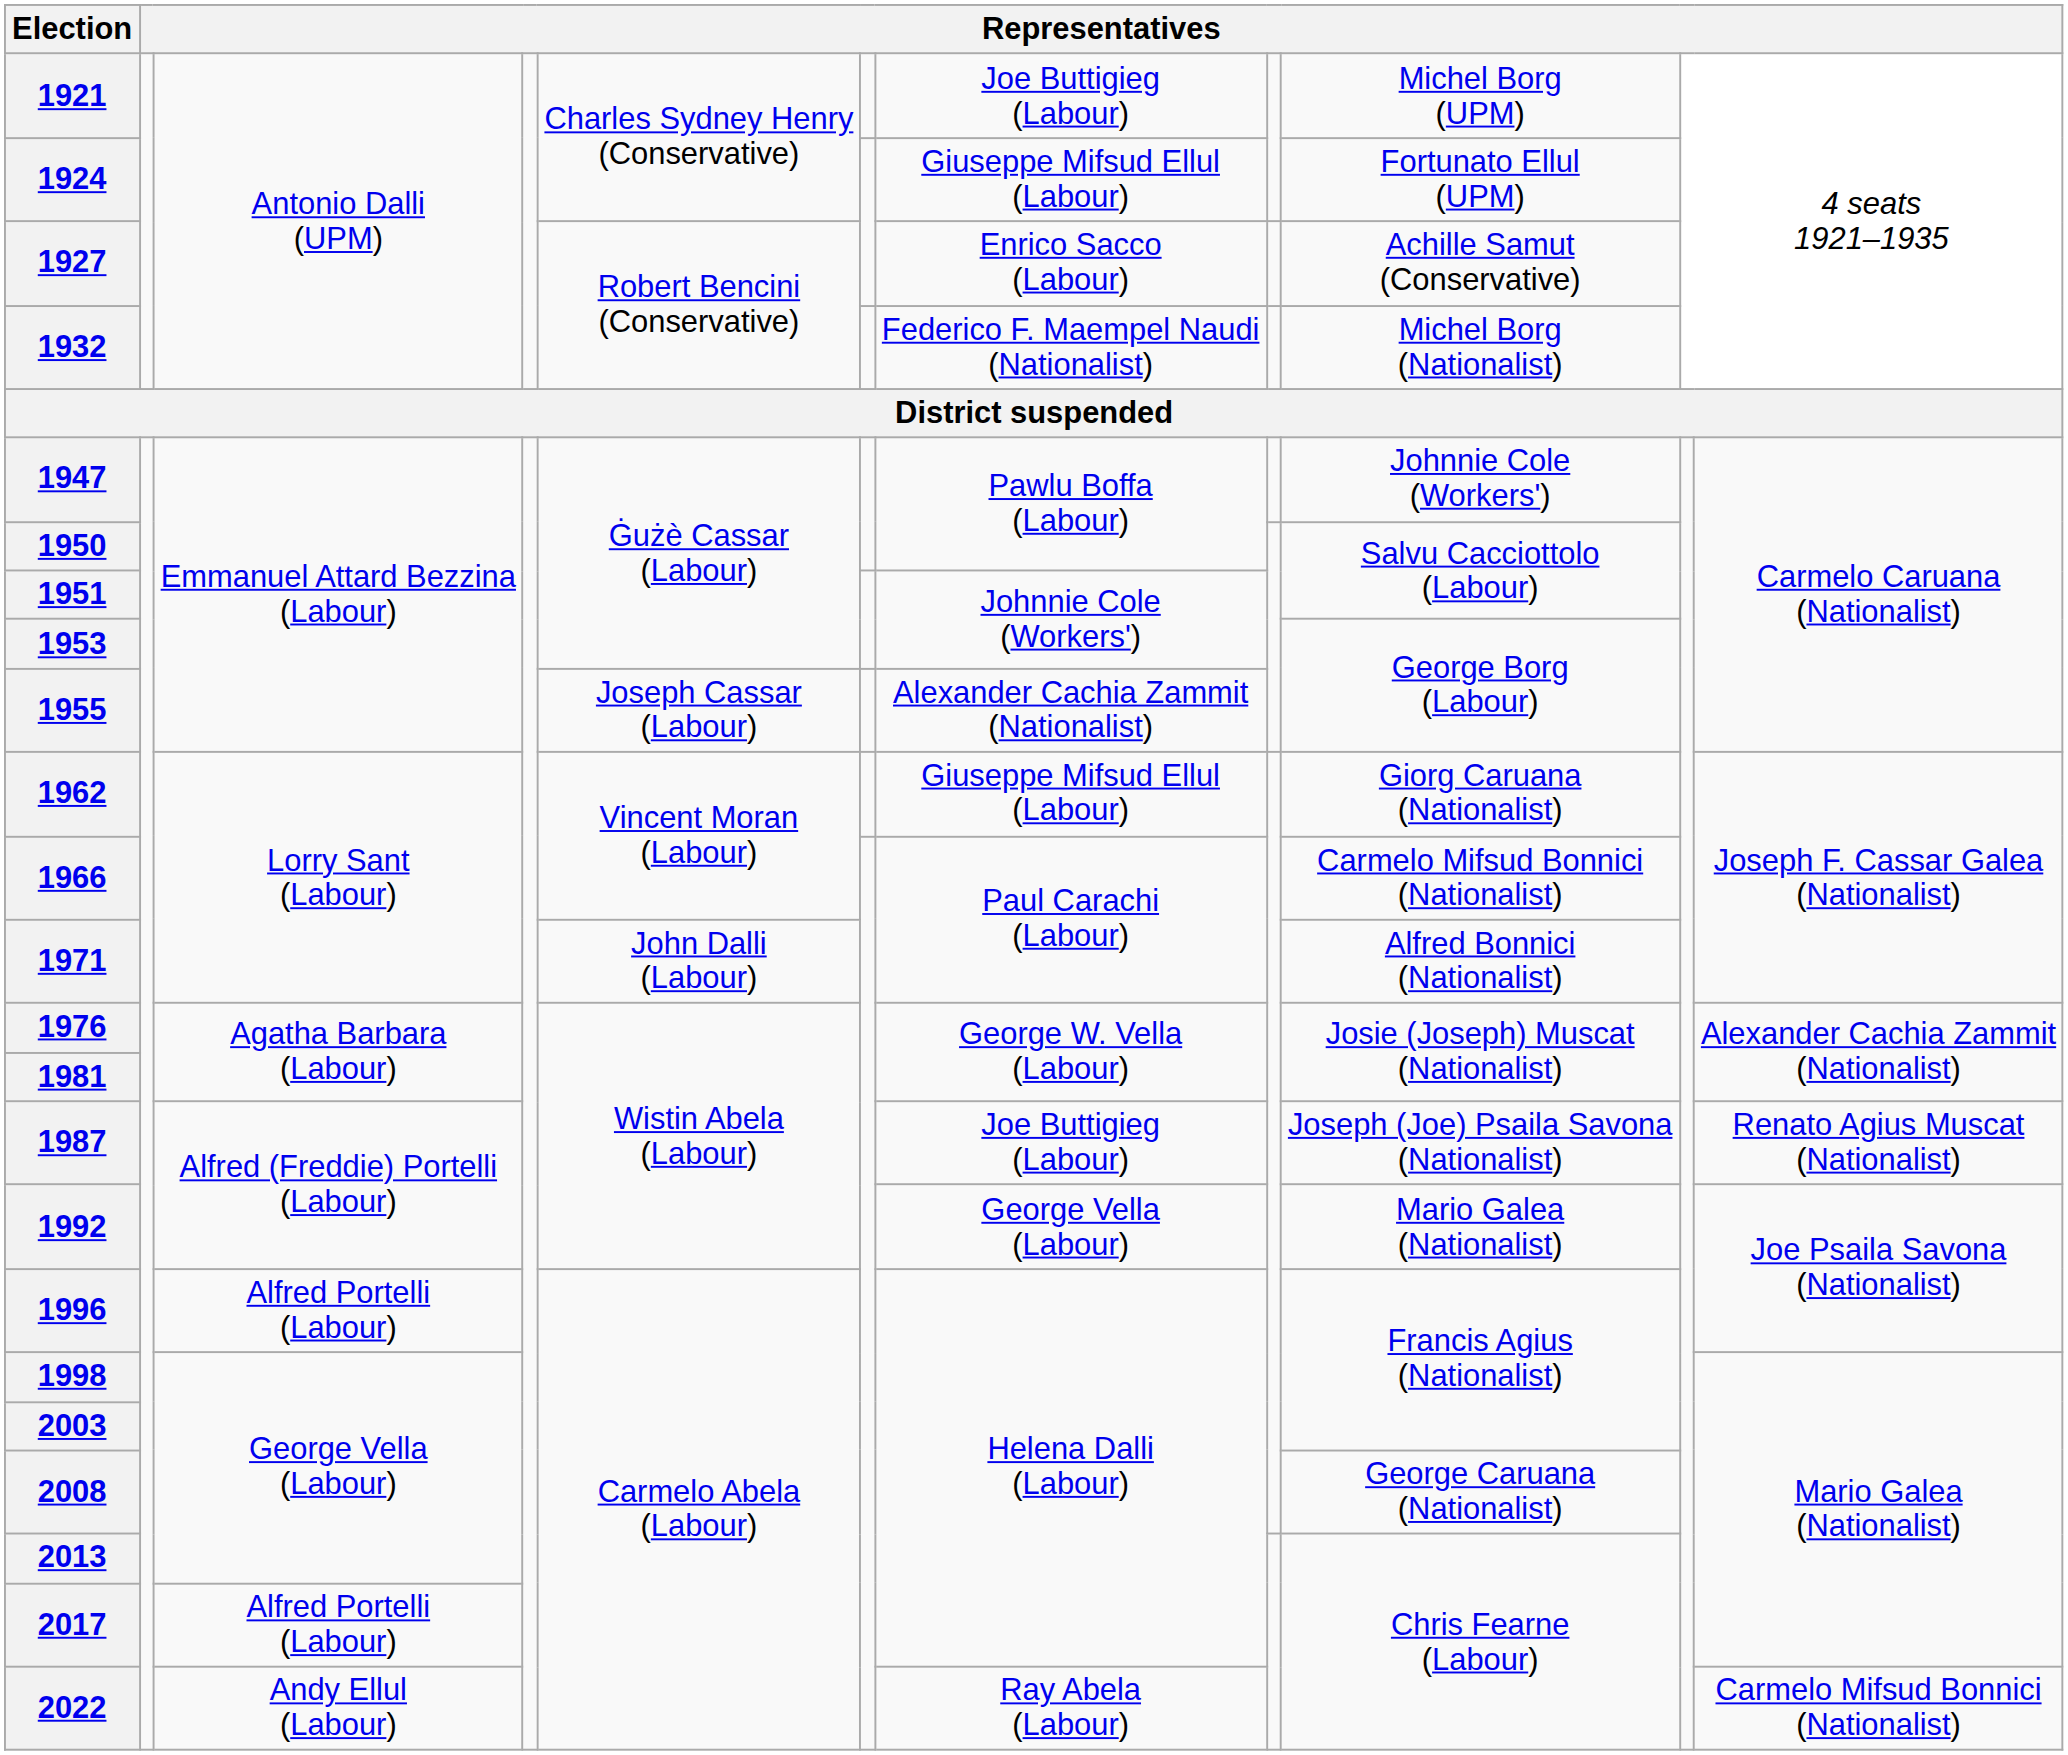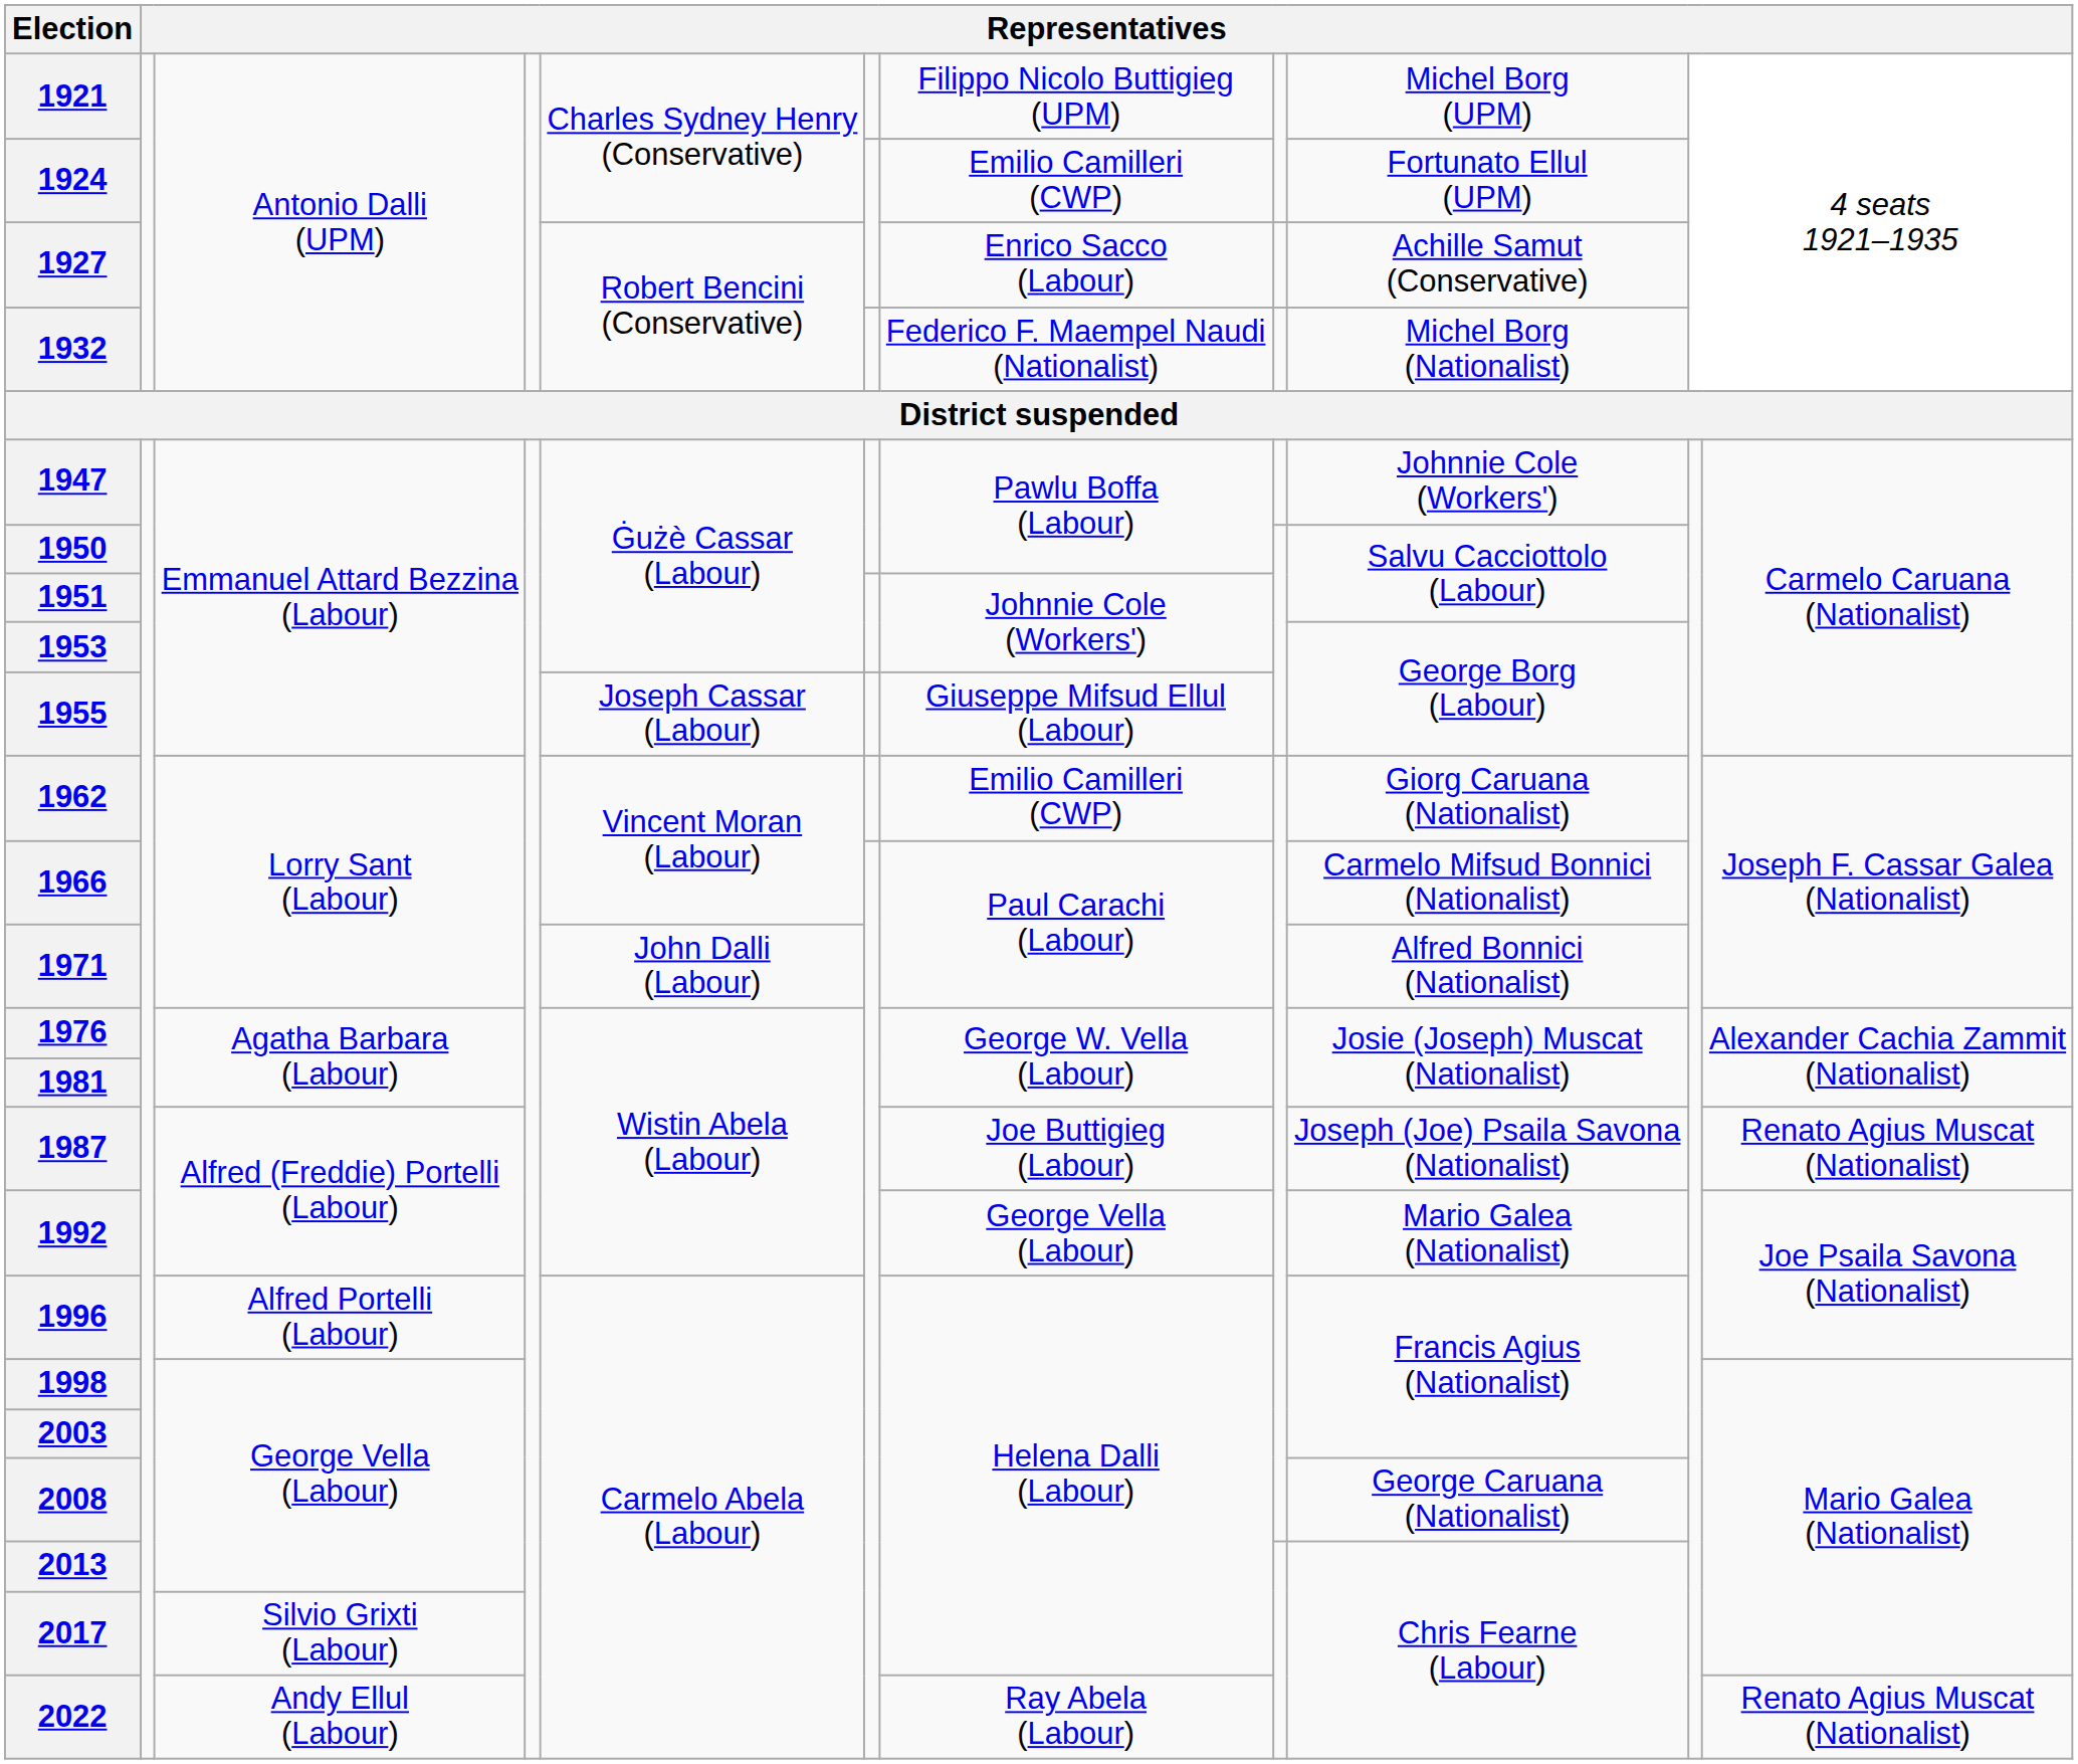 <table class="wikitable" style="text-align:center">
 <tr>
 <th>Election</th>
 <th colspan=10>Representatives</th>
 </tr>
 <tr>
 <th><a href='#'>1921</a></th>
 <td rowspan=4; style="background-color: "></td>
 <td rowspan=4><a href='#'>Antonio Dalli</a><br>(<a href='#'>UPM</a>)</td>
 <td rowspan=4; style="background-color: "></td>
 <td rowspan=2><a href='#'>Charles Sydney Henry</a><br>(Conservative)</td>
 <td rowspan=1; style="background-color: "></td>
-<td rowspan=1><a href='#'>Joe Buttigieg</a><br>(<a href='#'>Labour</a>)</td>
+<td rowspan=1><a href='#'>Filippo Nicolo Buttigieg</a><br>(<a href='#'>UPM</a>)</td>
 <td rowspan=2; style="background-color: "></td>
 <td rowspan=1><a href='#'>Michel Borg</a><br>(<a href='#'>UPM</a>)</td>
 <td style="background-color:#FFFFFF" rowspan=4 colspan=2><em>4 seats<br>1921–1935</em></td>
 </tr>
 <tr>
 <th><a href='#'>1924</a></th>
 <td rowspan=2; style="background-color: "></td>
-<td rowspan=1><a href='#'>Giuseppe Mifsud Ellul</a><br>(<a href='#'>Labour</a>)</td>
+<td rowspan=1><a href='#'>Emilio Camilleri</a><br>(<a href='#'>CWP</a>)</td>
 <td rowspan=1><a href='#'>Fortunato Ellul</a><br>(<a href='#'>UPM</a>)</td>
 </tr>
 <tr>
 <th><a href='#'>1927</a></th>
 <td rowspan=2><a href='#'>Robert Bencini</a><br>(Conservative)</td>
 <td rowspan=1><a href='#'>Enrico Sacco</a><br>(<a href='#'>Labour</a>)</td>
 <td rowspan=1; style="background-color: "></td>
 <td rowspan=1><a href='#'>Achille Samut</a><br>(Conservative)</td>
 </tr>
 <tr>
 <th><a href='#'>1932</a></th>
 <td rowspan=1; style="background-color: "></td>
 <td rowspan=1><a href='#'>Federico F. Maempel Naudi</a><br>(<a href='#'>Nationalist</a>)</td>
 <td rowspan=1; style="background-color: "></td>
 <td><a href='#'>Michel Borg</a><br>(<a href='#'>Nationalist</a>)</td>
 </tr>
 <tr>
 <th colspan=21>District suspended</th>
 </tr>
 <tr>
 <th><a href='#'>1947</a></th>
 <td rowspan=19; style="background-color: "></td>
 <td rowspan=5><a href='#'>Emmanuel Attard Bezzina</a><br>(<a href='#'>Labour</a>)</td>
 <td rowspan=19; style="background-color: "></td>
 <td rowspan=4><a href='#'>Ġużè Cassar</a><br>(<a href='#'>Labour</a>)</td>
 <td rowspan=2; style="background-color: "></td>
 <td rowspan=2><a href='#'>Pawlu Boffa</a><br>(<a href='#'>Labour</a>)</td>
 <td rowspan=1; style="background-color: "></td>
 <td rowspan=1><a href='#'>Johnnie Cole</a><br>(<a href='#'>Workers'</a>)</td>
 <td rowspan=19; style="background-color: "></td>
 <td rowspan=5><a href='#'>Carmelo Caruana</a><br>(<a href='#'>Nationalist</a>)</td>
 </tr>
 <tr>
 <th><a href='#'>1950</a></th>
 <td rowspan=4; style="background-color: "></td>
 <td rowspan=2><a href='#'>Salvu Cacciottolo</a><br>(<a href='#'>Labour</a>)</td>
 </tr>
 <tr>
 <th><a href='#'>1951</a></th>
 <td rowspan=2; style="background-color: "></td>
 <td rowspan=2><a href='#'>Johnnie Cole</a><br>(<a href='#'>Workers'</a>)</td>
 </tr>
 <tr>
 <th><a href='#'>1953</a></th>
 <td rowspan=2><a href='#'>George Borg</a><br>(<a href='#'>Labour</a>)</td>
 </tr>
 <tr>
 <th><a href='#'>1955</a></th>
 <td rowspan=1><a href='#'>Joseph Cassar</a><br>(<a href='#'>Labour</a>)</td>
 <td rowspan=1; style="background-color: "></td>
-<td rowspan=1><a href='#'>Alexander Cachia Zammit</a><br>(<a href='#'>Nationalist</a>)</td>
+<td rowspan=1><a href='#'>Giuseppe Mifsud Ellul</a><br>(<a href='#'>Labour</a>)</td>
 </tr>
 <tr>
 <th><a href='#'>1962</a></th>
 <td rowspan=3><a href='#'>Lorry Sant</a><br>(<a href='#'>Labour</a>)</td>
 <td rowspan=2><a href='#'>Vincent Moran</a><br>(<a href='#'>Labour</a>)</td>
 <td rowspan=1; style="background-color: "></td>
-<td rowspan=1><a href='#'>Giuseppe Mifsud Ellul</a><br>(<a href='#'>Labour</a>)</td>
+<td rowspan=1><a href='#'>Emilio Camilleri</a><br>(<a href='#'>CWP</a>)</td>
 <td rowspan=11; style="background-color: "></td>
 <td rowspan=1><a href='#'>Giorg Caruana</a><br>(<a href='#'>Nationalist</a>)</td>
 <td rowspan=3><a href='#'>Joseph F. Cassar Galea</a><br>(<a href='#'>Nationalist</a>)</td>
 </tr>
 <tr>
 <th><a href='#'>1966</a></th>
 <td rowspan=13; style="background-color: "></td>
 <td rowspan=2><a href='#'>Paul Carachi</a><br>(<a href='#'>Labour</a>)</td>
 <td rowspan=1><a href='#'>Carmelo Mifsud Bonnici</a><br>(<a href='#'>Nationalist</a>)</td>
 </tr>
 <tr>
 <th><a href='#'>1971</a></th>
 <td rowspan=1><a href='#'>John Dalli</a><br>(<a href='#'>Labour</a>)</td>
 <td rowspan=1><a href='#'>Alfred Bonnici</a><br>(<a href='#'>Nationalist</a>)</td>
 </tr>
 <tr>
 <th><a href='#'>1976</a></th>
 <td rowspan=2><a href='#'>Agatha Barbara</a><br>(<a href='#'>Labour</a>)</td>
 <td rowspan=4><a href='#'>Wistin Abela</a><br>(<a href='#'>Labour</a>)</td>
 <td rowspan=2><a href='#'>George W. Vella</a><br>(<a href='#'>Labour</a>)</td>
 <td rowspan=2><a href='#'>Josie (Joseph) Muscat</a><br>(<a href='#'>Nationalist</a>)</td>
 <td rowspan=2><a href='#'>Alexander Cachia Zammit</a><br>(<a href='#'>Nationalist</a>)</td>
 </tr>
 <tr>
 <th><a href='#'>1981</a></th>
 </tr>
 <tr>
 <th><a href='#'>1987</a></th>
 <td rowspan=2><a href='#'>Alfred (Freddie) Portelli</a><br>(<a href='#'>Labour</a>)</td>
 <td rowspan=1><a href='#'>Joe Buttigieg</a><br>(<a href='#'>Labour</a>)</td>
 <td rowspan=1><a href='#'>Joseph (Joe) Psaila Savona</a><br>(<a href='#'>Nationalist</a>)</td>
 <td rowspan=1><a href='#'>Renato Agius Muscat</a><br>(<a href='#'>Nationalist</a>)</td>
 </tr>
 <tr>
 <th><a href='#'>1992</a></th>
 <td rowspan=1><a href='#'>George Vella</a><br>(<a href='#'>Labour</a>)</td>
 <td rowspan=1><a href='#'>Mario Galea</a><br>(<a href='#'>Nationalist</a>)</td>
 <td rowspan=2><a href='#'>Joe Psaila Savona</a><br>(<a href='#'>Nationalist</a>)</td>
 </tr>
 <tr>
 <th><a href='#'>1996</a></th>
 <td rowspan=1><a href='#'>Alfred Portelli</a><br>(<a href='#'>Labour</a>)</td>
 <td rowspan=7><a href='#'>Carmelo Abela</a><br>(<a href='#'>Labour</a>)</td>
 <td rowspan=6><a href='#'>Helena Dalli</a><br>(<a href='#'>Labour</a>)</td>
 <td rowspan=3><a href='#'>Francis Agius</a><br>(<a href='#'>Nationalist</a>)</td>
 </tr>
 <tr>
 <th><a href='#'>1998</a></th>
 <td rowspan=4><a href='#'>George Vella</a><br>(<a href='#'>Labour</a>)</td>
 <td rowspan=5><a href='#'>Mario Galea</a><br>(<a href='#'>Nationalist</a>)</td>
 </tr>
 <tr>
 <th><a href='#'>2003</a></th>
 </tr>
 <tr>
 <th><a href='#'>2008</a></th>
 <td rowspan=1><a href='#'>George Caruana</a><br>(<a href='#'>Nationalist</a>)</td>
 </tr>
 <tr>
 <th><a href='#'>2013</a></th>
 <td rowspan=3; style="background-color: "></td>
 <td rowspan=3><a href='#'>Chris Fearne</a><br>(<a href='#'>Labour</a>)</td>
 </tr>
 <tr>
 <th><a href='#'>2017</a></th>
-<td rowspan=1><a href='#'>Alfred Portelli</a><br>(<a href='#'>Labour</a>)</td>
+<td><a href='#'>Silvio Grixti</a><br>(<a href='#'>Labour</a>)</td>
 </tr>
 <tr>
 <th><a href='#'>2022</a></th>
 <td rowspan=1><a href='#'>Andy Ellul</a><br>(<a href='#'>Labour</a>)</td>
 <td rowspan=1><a href='#'>Ray Abela</a><br>(<a href='#'>Labour</a>)</td>
-<td rowspan=1><a href='#'>Carmelo Mifsud Bonnici</a><br>(<a href='#'>Nationalist</a>)</td>
+<td rowspan=1><a href='#'>Renato Agius Muscat</a><br>(<a href='#'>Nationalist</a>)</td>
 </tr>
 </table>
